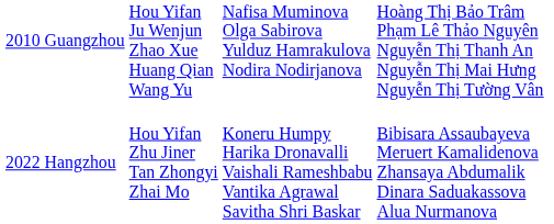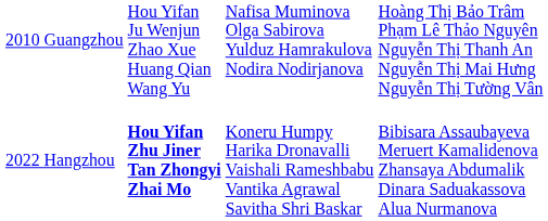 <table>
 <tr>
 <td><a href='#'>2010 Guangzhou</a></td>
 <td><br><a href='#'>Hou Yifan</a><br><a href='#'>Ju Wenjun</a><br><a href='#'>Zhao Xue</a><br><a href='#'>Huang Qian</a><br><a href='#'>Wang Yu</a></td>
 <td valign="top"><br><a href='#'>Nafisa Muminova</a><br><a href='#'>Olga Sabirova</a><br><a href='#'>Yulduz Hamrakulova</a><br><a href='#'>Nodira Nodirjanova</a></td>
 <td><br><a href='#'>Hoàng Thị Bảo Trâm</a><br><a href='#'>Phạm Lê Thảo Nguyên</a><br><a href='#'>Nguyễn Thị Thanh An</a><br><a href='#'>Nguyễn Thị Mai Hưng</a><br><a href='#'>Nguyễn Thị Tường Vân</a></td>
 </tr>
 <tr>
 <td><a href='#'>2022 Hangzhou</a></td>
-<td valign=top><br><a href='#'>Hou Yifan</a><br><a href='#'>Zhu Jiner</a><br><a href='#'>Tan Zhongyi</a><br><a href='#'>Zhai Mo</a></td>
+<td valign=top><strong><br><a href='#'>Hou Yifan</a><br><a href='#'>Zhu Jiner</a><br><a href='#'>Tan Zhongyi</a><br><a href='#'>Zhai Mo</a></strong></td>
 <td><br><a href='#'>Koneru Humpy</a><br><a href='#'>Harika Dronavalli</a><br><a href='#'>Vaishali Rameshbabu</a><br><a href='#'>Vantika Agrawal</a><br><a href='#'>Savitha Shri Baskar</a></td>
 <td><br><a href='#'>Bibisara Assaubayeva</a><br><a href='#'>Meruert Kamalidenova</a><br><a href='#'>Zhansaya Abdumalik</a><br><a href='#'>Dinara Saduakassova</a><br><a href='#'>Alua Nurmanova</a></td>
 </tr>
 </table>
